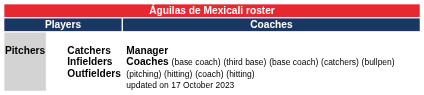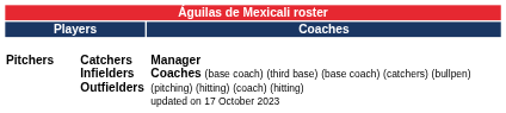 <table class="toccolours" style="font-size: 95%;">
 <tr>
 <th colspan="10" style="background-color: #E62831; color:#FFFFFF; text-align: center;"><strong>Águilas de Mexicali roster</strong></th>
 </tr>
 <tr>
 <td colspan="3" style="background-color: #1A3663; color: #FFFFFF; text-align: center;"><strong>Players</strong></td>
 <td colspan="2" style="background-color: #1A3663; color: #FFFFFF; text-align: center;"><strong>Coaches</strong></td>
 </tr>
 <tr>
-<td style="background: lightgrey; vertical-align:top;text-align:left;"><br><strong>Pitchers</strong>               </td>
+<td style="vertical-align:top;text-align:left;"><br><strong>Pitchers</strong>               </td>
 <td width="25px"></td>
 <td style="vertical-align:top;text-align:left;"><br><strong>Catchers</strong>   <br><strong>Infielders</strong>       <br><strong>Outfielders</strong>    </td>
 <td style="vertical-align:top;text-align:left;"></td>
 <td style="vertical-align:top;text-align:left;"><br><strong>Manager</strong> <br><strong>Coaches</strong>  <small>(base coach)</small>  <small>(third base)</small>  <small>(base coach)</small>  <small>(catchers)</small>  <small>(bullpen)</small>  <small>(pitching)</small>  <small>(hitting)</small>  <small>(coach)</small>  <small>(hitting)</small><br><small><span></span> updated on 17 October 2023</small></td>
 </tr>
 </table>
